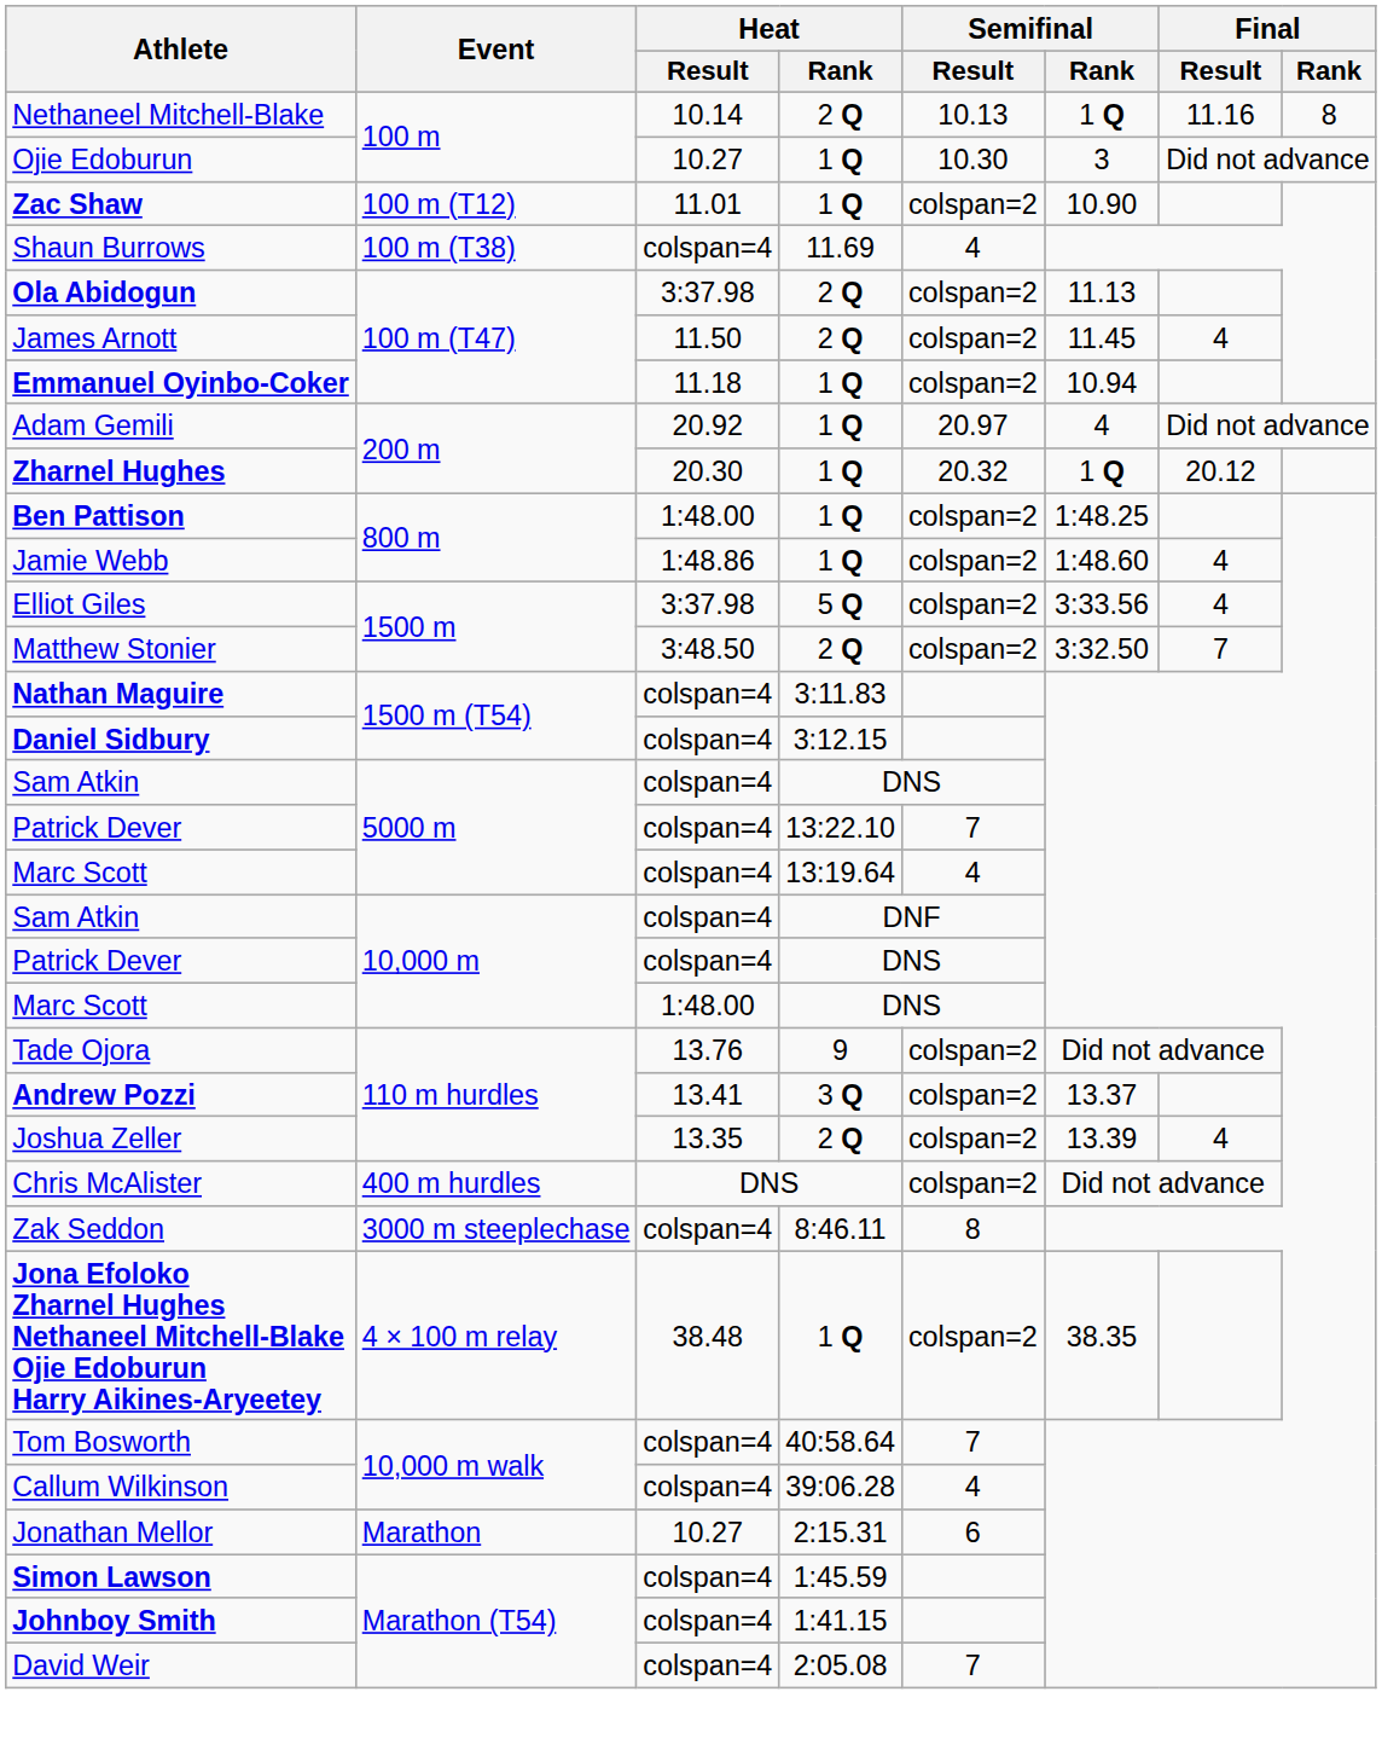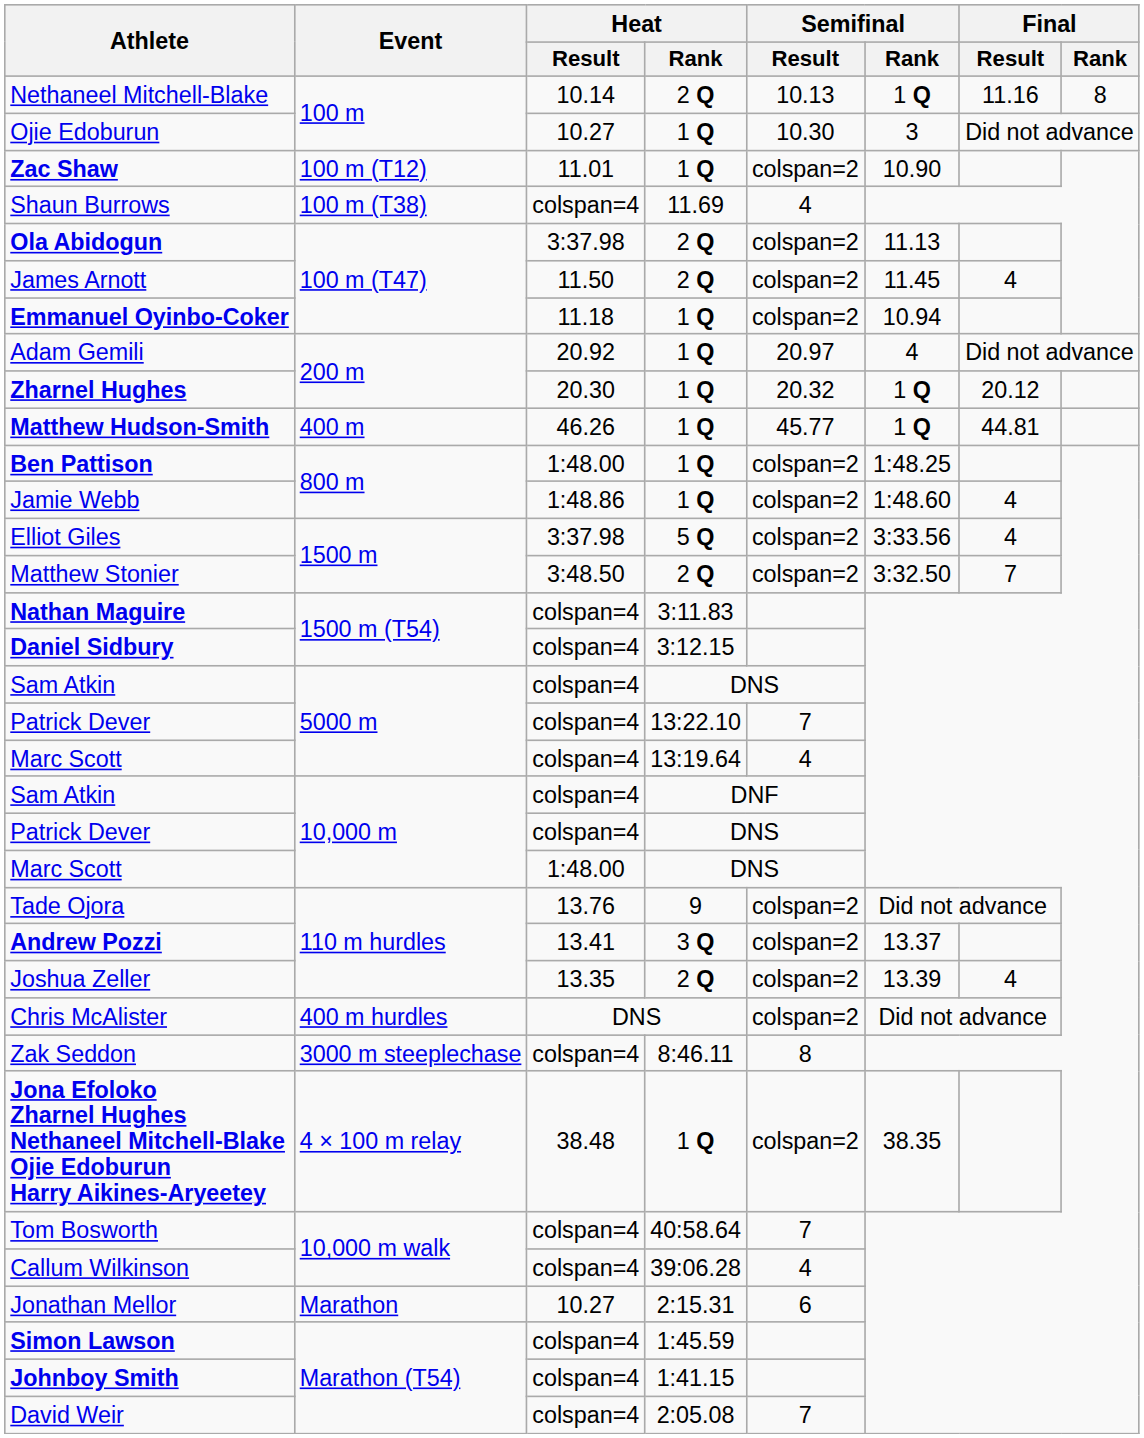 <table class="wikitable" style="font-size:90%; text-align:center">
 <tr>
 <th rowspan=2>Athlete</th>
 <th rowspan=2>Event</th>
 <th colspan=2>Heat</th>
 <th colspan=2>Semifinal</th>
 <th colspan=2>Final</th>
 </tr>
 <tr style="font-size:95%">
 <th>Result</th>
 <th>Rank</th>
 <th>Result</th>
 <th>Rank</th>
 <th>Result</th>
 <th>Rank</th>
 </tr>
 <tr>
 <td align=left><a href='#'>Nethaneel Mitchell-Blake</a></td>
 <td align=left rowspan=2><a href='#'>100 m</a></td>
 <td>10.14</td>
 <td>2 <strong>Q</strong></td>
 <td>10.13</td>
 <td>1 <strong>Q</strong></td>
 <td>11.16</td>
 <td>8</td>
 </tr>
 <tr>
 <td align=left><a href='#'>Ojie Edoburun</a></td>
 <td>10.27</td>
 <td>1 <strong>Q</strong></td>
 <td>10.30</td>
 <td>3</td>
 <td colspan=2>Did not advance</td>
 </tr>
 <tr>
 <td align=left><strong><a href='#'>Zac Shaw</a></strong></td>
 <td align=left><a href='#'>100 m (T12)</a></td>
 <td>11.01</td>
 <td>1 <strong>Q</strong></td>
 <td>colspan=2 </td>
 <td>10.90</td>
 <td></td>
 </tr>
 <tr>
 <td align=left><a href='#'>Shaun Burrows</a></td>
 <td align=left><a href='#'>100 m (T38)</a></td>
 <td>colspan=4 </td>
 <td>11.69</td>
 <td>4</td>
 </tr>
 <tr>
 <td align=left><strong><a href='#'>Ola Abidogun</a></strong></td>
 <td align=left rowspan=3><a href='#'>100 m (T47)</a></td>
 <td>3:37.98</td>
 <td>2 <strong>Q</strong></td>
 <td>colspan=2 </td>
 <td>11.13</td>
 <td></td>
 </tr>
 <tr>
 <td align=left><a href='#'>James Arnott</a></td>
 <td>11.50</td>
 <td>2 <strong>Q</strong></td>
 <td>colspan=2 </td>
 <td>11.45</td>
 <td>4</td>
 </tr>
 <tr>
 <td align=left><strong><a href='#'>Emmanuel Oyinbo-Coker</a></strong></td>
 <td>11.18</td>
 <td>1 <strong>Q</strong></td>
 <td>colspan=2 </td>
 <td>10.94</td>
 <td></td>
 </tr>
 <tr>
 <td align=left><a href='#'>Adam Gemili</a></td>
 <td align=left rowspan=2><a href='#'>200 m</a></td>
 <td>20.92</td>
 <td>1 <strong>Q</strong></td>
 <td>20.97</td>
 <td>4</td>
 <td colspan=2>Did not advance</td>
 </tr>
 <tr>
 <td align=left><strong><a href='#'>Zharnel Hughes</a></strong></td>
 <td>20.30</td>
 <td>1 <strong>Q</strong></td>
 <td>20.32</td>
 <td>1 <strong>Q</strong></td>
 <td>20.12</td>
+<td></td>
+</tr>
+<tr>
+<td align=left><strong><a href='#'>Matthew Hudson-Smith</a></strong></td>
+<td align=left><a href='#'>400 m</a></td>
+<td>46.26</td>
+<td>1 <strong>Q</strong></td>
+<td>45.77</td>
+<td>1 <strong>Q</strong></td>
+<td>44.81</td>
 <td></td>
 </tr>
 <tr>
 <td align=left><strong><a href='#'>Ben Pattison</a></strong></td>
 <td align=left rowspan=2><a href='#'>800 m</a></td>
 <td>1:48.00</td>
 <td>1 <strong>Q</strong></td>
 <td>colspan=2 </td>
 <td>1:48.25</td>
 <td></td>
 </tr>
 <tr>
 <td align=left><a href='#'>Jamie Webb</a></td>
 <td>1:48.86</td>
 <td>1 <strong>Q</strong></td>
 <td>colspan=2 </td>
 <td>1:48.60</td>
 <td>4</td>
 </tr>
 <tr>
 <td align=left><a href='#'>Elliot Giles</a></td>
 <td align=left rowspan=2><a href='#'>1500 m</a></td>
 <td>3:37.98</td>
 <td>5 <strong>Q</strong></td>
 <td>colspan=2 </td>
 <td>3:33.56</td>
 <td>4</td>
 </tr>
 <tr>
 <td align=left><a href='#'>Matthew Stonier</a></td>
 <td>3:48.50</td>
 <td>2 <strong>Q</strong></td>
 <td>colspan=2 </td>
 <td>3:32.50</td>
 <td>7</td>
 </tr>
 <tr>
 <td align=left><strong><a href='#'>Nathan Maguire</a></strong></td>
 <td align=left rowspan=2><a href='#'>1500 m (T54)</a></td>
 <td>colspan=4 </td>
 <td>3:11.83</td>
 <td></td>
 </tr>
 <tr>
 <td align=left><strong><a href='#'>Daniel Sidbury</a></strong></td>
 <td>colspan=4 </td>
 <td>3:12.15</td>
 <td></td>
 </tr>
 <tr>
 <td align=left><a href='#'>Sam Atkin</a></td>
 <td align=left rowspan=3><a href='#'>5000 m</a></td>
 <td>colspan=4 </td>
 <td colspan=2>DNS</td>
 </tr>
 <tr>
 <td align=left><a href='#'>Patrick Dever</a></td>
 <td>colspan=4 </td>
 <td>13:22.10</td>
 <td>7</td>
 </tr>
 <tr>
 <td align=left><a href='#'>Marc Scott</a></td>
 <td>colspan=4 </td>
 <td>13:19.64</td>
 <td>4</td>
 </tr>
 <tr>
 <td align=left><a href='#'>Sam Atkin</a></td>
 <td align=left rowspan=3><a href='#'>10,000 m</a></td>
 <td>colspan=4 </td>
 <td colspan=2>DNF</td>
 </tr>
 <tr>
 <td align=left><a href='#'>Patrick Dever</a></td>
 <td>colspan=4 </td>
 <td colspan=2>DNS</td>
 </tr>
 <tr>
 <td align=left><a href='#'>Marc Scott</a></td>
 <td>1:48.00</td>
 <td colspan=2>DNS</td>
 </tr>
 <tr>
 <td align=left><a href='#'>Tade Ojora</a></td>
 <td align=left rowspan=3><a href='#'>110 m hurdles</a></td>
 <td>13.76</td>
 <td>9</td>
 <td>colspan=2 </td>
 <td colspan=2>Did not advance</td>
 </tr>
 <tr>
 <td align=left><strong><a href='#'>Andrew Pozzi</a></strong></td>
 <td>13.41</td>
 <td>3 <strong>Q</strong></td>
 <td>colspan=2 </td>
 <td>13.37</td>
 <td></td>
 </tr>
 <tr>
 <td align=left><a href='#'>Joshua Zeller</a></td>
 <td>13.35</td>
 <td>2 <strong>Q</strong></td>
 <td>colspan=2 </td>
 <td>13.39</td>
 <td>4</td>
 </tr>
 <tr>
 <td align=left><a href='#'>Chris McAlister</a></td>
 <td align=left><a href='#'>400 m hurdles</a></td>
 <td colspan=2>DNS</td>
 <td>colspan=2 </td>
 <td colspan=2>Did not advance</td>
 </tr>
 <tr>
 <td align=left><a href='#'>Zak Seddon</a></td>
 <td align=left><a href='#'>3000 m steeplechase</a></td>
 <td>colspan=4 </td>
 <td>8:46.11</td>
 <td>8</td>
 </tr>
 <tr>
 <td align=left><strong><a href='#'>Jona Efoloko</a></strong><br><strong><a href='#'>Zharnel Hughes</a></strong><br><strong><a href='#'>Nethaneel Mitchell-Blake</a></strong><br><strong><a href='#'>Ojie Edoburun</a></strong><br><strong><a href='#'>Harry Aikines-Aryeetey</a></strong></td>
 <td align=left><a href='#'>4 × 100 m relay</a></td>
 <td>38.48</td>
 <td>1 <strong>Q</strong></td>
 <td>colspan=2 </td>
 <td>38.35</td>
 <td></td>
 </tr>
 <tr>
 <td align=left><a href='#'>Tom Bosworth</a></td>
 <td align=left rowspan=2><a href='#'>10,000 m walk</a></td>
 <td>colspan=4 </td>
 <td>40:58.64</td>
 <td>7</td>
 </tr>
 <tr>
 <td align=left><a href='#'>Callum Wilkinson</a></td>
 <td>colspan=4 </td>
 <td>39:06.28</td>
 <td>4</td>
 </tr>
 <tr>
 <td align=left><a href='#'>Jonathan Mellor</a></td>
 <td align=left><a href='#'>Marathon</a></td>
 <td>10.27</td>
 <td>2:15.31</td>
 <td>6</td>
 </tr>
 <tr>
 <td align=left><strong><a href='#'>Simon Lawson</a></strong></td>
 <td align=left rowspan=3><a href='#'>Marathon (T54)</a></td>
 <td>colspan=4 </td>
 <td>1:45.59</td>
 <td></td>
 </tr>
 <tr>
 <td align=left><strong><a href='#'>Johnboy Smith</a></strong></td>
 <td>colspan=4 </td>
 <td>1:41.15</td>
 <td></td>
 </tr>
 <tr>
 <td align=left><a href='#'>David Weir</a></td>
 <td>colspan=4 </td>
 <td>2:05.08</td>
 <td>7</td>
 </tr>
 </table>
